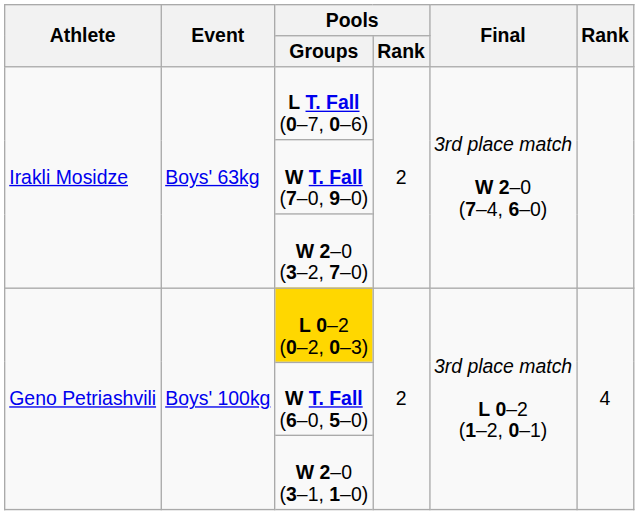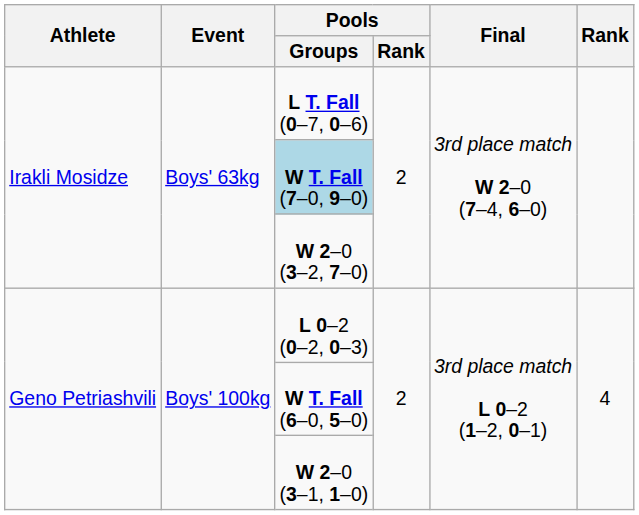 <table class="wikitable" style="text-align:left; font-size:90%">
 <tr>
 <th rowspan="2">Athlete</th>
 <th rowspan="2">Event</th>
 <th colspan="2">Pools</th>
 <th rowspan="2">Final</th>
 <th rowspan="2">Rank</th>
 </tr>
 <tr>
 <th>Groups</th>
 <th>Rank</th>
 </tr>
 <tr>
 <td rowspan="3"><a href='#'>Irakli Mosidze</a></td>
 <td rowspan="3"><a href='#'>Boys' 63kg</a></td>
 <td align=center><br><strong>L</strong> <strong><a href='#'>T. Fall</a></strong><br>(<strong>0</strong>–7, <strong>0</strong>–6)</td>
 <td rowspan="3" align=center>2</td>
 <td align=center rowspan=3><em>3rd place match</em><br><br><strong>W</strong> <strong>2</strong>–0<br>(<strong>7</strong>–4, <strong>6</strong>–0)</td>
 <td rowspan="3" align="center"></td>
 </tr>
 <tr>
-<td align=center><br><strong>W</strong> <strong><a href='#'>T. Fall</a></strong><br>(<strong>7</strong>–0, <strong>9</strong>–0)</td>
+<td align=center style="background: lightblue;"><br><strong>W</strong> <strong><a href='#'>T. Fall</a></strong><br>(<strong>7</strong>–0, <strong>9</strong>–0)</td>
 </tr>
 <tr>
 <td align=center><br><strong>W</strong> <strong>2</strong>–0<br>(<strong>3</strong>–2, <strong>7</strong>–0)</td>
 </tr>
 <tr>
 <td rowspan="3"><a href='#'>Geno Petriashvili</a></td>
 <td rowspan="3"><a href='#'>Boys' 100kg</a></td>
-<td align=center style="background: gold;"><br><strong>L</strong> <strong>0</strong>–2<br>(<strong>0</strong>–2, <strong>0</strong>–3)</td>
+<td align=center><br><strong>L</strong> <strong>0</strong>–2<br>(<strong>0</strong>–2, <strong>0</strong>–3)</td>
 <td rowspan="3" align=center>2</td>
 <td align=center rowspan=3><em>3rd place match</em><br><br><strong>L</strong> <strong>0</strong>–2<br>(<strong>1</strong>–2, <strong>0</strong>–1)</td>
 <td rowspan="3" align="center">4</td>
 </tr>
 <tr>
 <td align=center><br><strong>W</strong> <strong><a href='#'>T. Fall</a></strong><br>(<strong>6</strong>–0, <strong>5</strong>–0)</td>
 </tr>
 <tr>
 <td align=center><br><strong>W</strong> <strong>2</strong>–0<br>(<strong>3</strong>–1, <strong>1</strong>–0)</td>
 </tr>
 </table>
